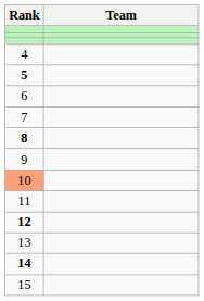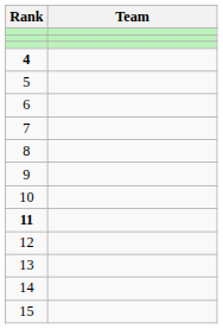 <table class="wikitable" style="text-align:center;">
 <tr>
 <th width=40>Rank</th>
 <th width=180>Team</th>
 </tr>
 <tr bgcolor=#BBF3BB>
 <td></td>
 <td style="text-align:left;"></td>
 </tr>
 <tr bgcolor=#BBF3BB>
 <td></td>
 <td style="text-align:left;"></td>
 </tr>
 <tr bgcolor=#BBF3BB>
 <td></td>
 <td style="text-align:left;"></td>
 </tr>
 <tr>
-<td>4</td>
+<td><strong>4</strong></td>
 <td style="text-align:left;"></td>
 </tr>
 <tr>
-<td><strong>5</strong></td>
+<td>5</td>
 <td style="text-align:left;"></td>
 </tr>
 <tr>
 <td>6</td>
 <td style="text-align:left;"></td>
 </tr>
 <tr>
 <td>7</td>
 <td style="text-align:left;"></td>
 </tr>
 <tr>
-<td><strong>8</strong></td>
+<td>8</td>
 <td style="text-align:left;"></td>
 </tr>
 <tr>
 <td>9</td>
 <td style="text-align:left;"></td>
 </tr>
 <tr>
-<td style="background: lightsalmon;">10</td>
+<td>10</td>
 <td style="text-align:left;"></td>
 </tr>
 <tr>
-<td>11</td>
+<td><strong>11</strong></td>
 <td style="text-align:left;"></td>
 </tr>
 <tr>
-<td><strong>12</strong></td>
+<td>12</td>
 <td style="text-align:left;"></td>
 </tr>
 <tr>
 <td>13</td>
 <td style="text-align:left;"></td>
 </tr>
 <tr>
-<td><strong>14</strong></td>
+<td>14</td>
 <td style="text-align:left;"></td>
 </tr>
 <tr>
 <td>15</td>
 <td style="text-align:left;"></td>
 </tr>
 </table>
